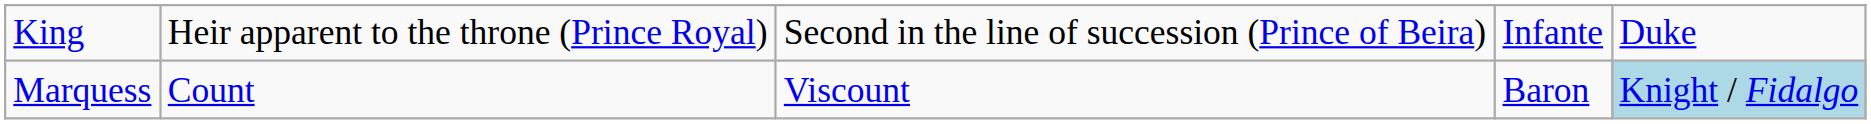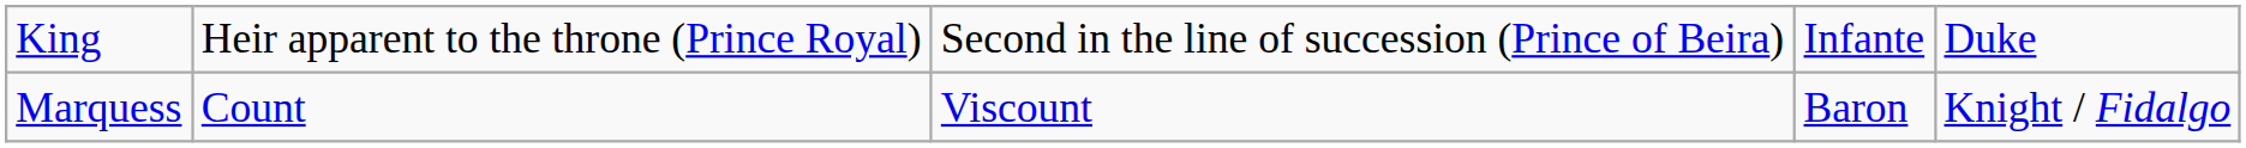 <table class="wikitable">
 <tr>
 <td> <a href='#'>King</a></td>
 <td> Heir apparent to the throne (<a href='#'>Prince Royal</a>)</td>
 <td> Second in the line of succession (<a href='#'>Prince of Beira</a>)</td>
 <td> <a href='#'>Infante</a></td>
 <td> <a href='#'>Duke</a></td>
 </tr>
 <tr>
 <td> <a href='#'>Marquess</a></td>
 <td> <a href='#'>Count</a></td>
 <td> <a href='#'>Viscount</a></td>
 <td> <a href='#'>Baron</a></td>
-<td style="background: lightblue;"> <a href='#'>Knight</a> / <em><a href='#'>Fidalgo</a></em></td>
+<td> <a href='#'>Knight</a> / <em><a href='#'>Fidalgo</a></em></td>
 </tr>
 </table>
